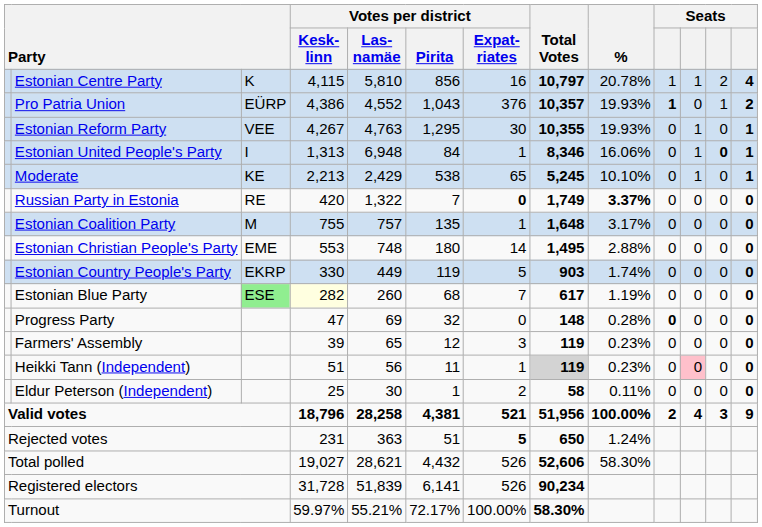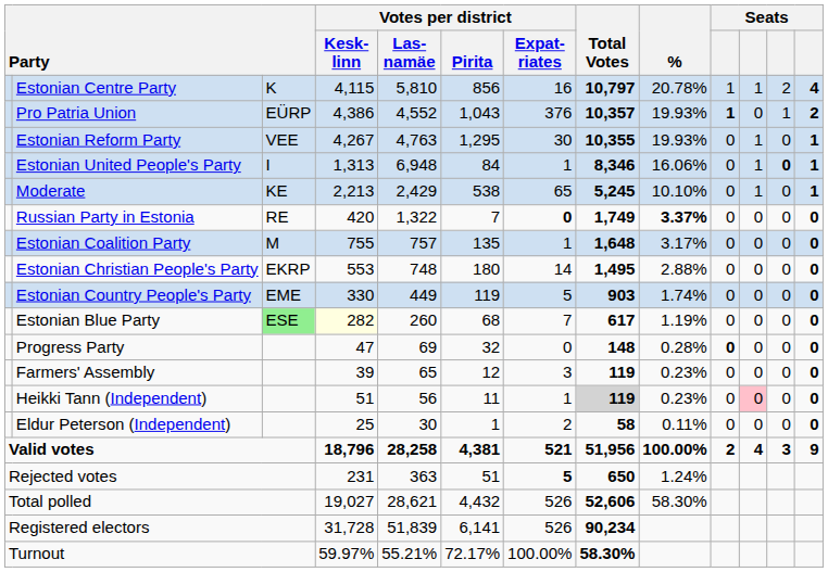 <table class="wikitable" border="1" style="text-align:right;">
 <tr>
 <th style="text-align:left;" valign=bottom rowspan=2 colspan=3>Party</th>
 <th colspan=4>Votes per district</th>
 <th align=center valign=bottom rowspan=2 width="50">Total Votes</th>
 <th align=center valign=bottom rowspan=2 width="50">%</th>
 <th colspan=4>Seats</th>
 </tr>
 <tr>
 <th align=center valign=bottom width="50"><a href='#'>Kesk- linn</a></th>
 <th align=center valign=bottom width="50"><a href='#'>Las- namäe</a></th>
 <th align=center valign=bottom width="50"><a href='#'>Pirita</a></th>
 <th align=center valign=bottom width="50"><a href='#'>Expat- riates</a></th>
 <th align=center valign=bottom width="20"><small></small></th>
 <th align=center valign=bottom width="20"><small></small></th>
 <th align=center valign=bottom width="20"><small></small></th>
 <th align=center valign=bottom width="20"><small></small></th>
 </tr>
 <tr style="background:#CEE0F2;">
 <td style="background:"></td>
 <td align=left><a href='#'>Estonian Centre Party</a></td>
 <td align=left>K</td>
 <td>4,115</td>
 <td>5,810</td>
 <td>856</td>
 <td>16</td>
 <td><strong>10,797</strong></td>
 <td>20.78%</td>
 <td>1</td>
 <td>1</td>
 <td>2</td>
 <td><strong>4</strong></td>
 </tr>
 <tr style="background:#CEE0F2;">
 <td style="background:"></td>
 <td align=left><a href='#'>Pro Patria Union</a></td>
 <td align=left>EÜRP</td>
 <td>4,386</td>
 <td>4,552</td>
 <td>1,043</td>
 <td>376</td>
 <td><strong>10,357</strong></td>
 <td>19.93%</td>
 <td><strong>1</strong></td>
 <td>0</td>
 <td>1</td>
 <td><strong>2</strong></td>
 </tr>
 <tr style="background:#CEE0F2;">
 <td style="background:"></td>
 <td align=left><a href='#'>Estonian Reform Party</a></td>
 <td align=left>VEE</td>
 <td>4,267</td>
 <td>4,763</td>
 <td>1,295</td>
 <td>30</td>
 <td><strong>10,355</strong></td>
 <td>19.93%</td>
 <td>0</td>
 <td>1</td>
 <td>0</td>
 <td><strong>1</strong></td>
 </tr>
 <tr style="background:#CEE0F2;">
 <td style="background:"></td>
 <td align=left><a href='#'>Estonian United People's Party</a></td>
 <td align=left>I</td>
 <td>1,313</td>
 <td>6,948</td>
 <td>84</td>
 <td>1</td>
 <td><strong>8,346</strong></td>
 <td>16.06%</td>
 <td>0</td>
 <td>1</td>
 <td><strong>0</strong></td>
 <td><strong>1</strong></td>
 </tr>
 <tr style="background:#CEE0F2;">
 <td style="background:"></td>
 <td align=left><a href='#'>Moderate</a></td>
 <td align=left>KE</td>
 <td>2,213</td>
 <td>2,429</td>
 <td>538</td>
 <td>65</td>
 <td><strong>5,245</strong></td>
 <td>10.10%</td>
 <td>0</td>
 <td>1</td>
 <td>0</td>
 <td><strong>1</strong></td>
 </tr>
 <tr>
 <td></td>
 <td align=left><a href='#'>Russian Party in Estonia</a></td>
 <td align=left>RE</td>
 <td>420</td>
 <td>1,322</td>
 <td>7</td>
 <td><strong>0</strong></td>
 <td><strong>1,749</strong></td>
 <td><strong>3.37%</strong></td>
 <td>0</td>
 <td>0</td>
 <td>0</td>
 <td><strong>0</strong></td>
 </tr>
 <tr style="background:#CEE0F2;">
 <td style="background:"></td>
 <td align=left><a href='#'>Estonian Coalition Party</a></td>
 <td align=left>M</td>
 <td>755</td>
 <td>757</td>
 <td>135</td>
 <td>1</td>
 <td><strong>1,648</strong></td>
 <td>3.17%</td>
 <td>0</td>
 <td>0</td>
 <td>0</td>
 <td><strong>0</strong></td>
 </tr>
 <tr>
 <td style="background:"></td>
 <td align=left><a href='#'>Estonian Christian People's Party</a></td>
-<td align=left>EME</td>
+<td align=left>EKRP</td>
 <td>553</td>
 <td>748</td>
 <td>180</td>
 <td>14</td>
 <td><strong>1,495</strong></td>
 <td>2.88%</td>
 <td>0</td>
 <td>0</td>
 <td>0</td>
 <td><strong>0</strong></td>
 </tr>
 <tr style="background:#CEE0F2;">
 <td style="background:"></td>
 <td align=left><a href='#'>Estonian Country People's Party</a></td>
-<td align=left>EKRP</td>
+<td align=left>EME</td>
 <td>330</td>
 <td>449</td>
 <td>119</td>
 <td>5</td>
 <td><strong>903</strong></td>
 <td>1.74%</td>
 <td>0</td>
 <td>0</td>
 <td>0</td>
 <td><strong>0</strong></td>
 </tr>
 <tr>
 <td></td>
 <td align=left>Estonian Blue Party</td>
 <td align=left style="background: lightgreen;">ESE</td>
 <td style="background: lightyellow;">282</td>
 <td>260</td>
 <td>68</td>
 <td>7</td>
 <td><strong>617</strong></td>
 <td>1.19%</td>
 <td>0</td>
 <td>0</td>
 <td>0</td>
 <td><strong>0</strong></td>
 </tr>
 <tr>
 <td></td>
 <td align=left>Progress Party</td>
 <td></td>
 <td>47</td>
 <td>69</td>
 <td>32</td>
 <td>0</td>
 <td><strong>148</strong></td>
 <td>0.28%</td>
 <td><strong>0</strong></td>
 <td>0</td>
 <td>0</td>
 <td><strong>0</strong></td>
 </tr>
 <tr>
 <td></td>
 <td align=left>Farmers' Assembly</td>
 <td></td>
 <td>39</td>
 <td>65</td>
 <td>12</td>
 <td>3</td>
 <td><strong>119</strong></td>
 <td>0.23%</td>
 <td>0</td>
 <td>0</td>
 <td>0</td>
 <td><strong>0</strong></td>
 </tr>
 <tr>
 <td style="background:"></td>
 <td align=left>Heikki Tann (<a href='#'>Independent</a>)</td>
 <td></td>
 <td>51</td>
 <td>56</td>
 <td>11</td>
 <td>1</td>
 <td style="background: lightgrey;"><strong>119</strong></td>
 <td>0.23%</td>
 <td>0</td>
 <td style="background: pink;">0</td>
 <td>0</td>
 <td><strong>0</strong></td>
 </tr>
 <tr>
 <td style="background:"></td>
 <td align=left>Eldur Peterson (<a href='#'>Independent</a>)</td>
 <td></td>
 <td>25</td>
 <td>30</td>
 <td>1</td>
 <td>2</td>
 <td><strong>58</strong></td>
 <td>0.11%</td>
 <td>0</td>
 <td>0</td>
 <td>0</td>
 <td><strong>0</strong></td>
 </tr>
 <tr style="font-weight:bold">
 <td align=left colspan=3>Valid votes</td>
 <td>18,796</td>
 <td>28,258</td>
 <td>4,381</td>
 <td>521</td>
 <td>51,956</td>
 <td>100.00%</td>
 <td>2</td>
 <td>4</td>
 <td>3</td>
 <td>9</td>
 </tr>
 <tr>
 <td align=left colspan=3>Rejected votes</td>
 <td>231</td>
 <td>363</td>
 <td>51</td>
 <td><strong>5</strong></td>
 <td><strong>650</strong></td>
 <td>1.24%</td>
 <td></td>
 <td></td>
 <td></td>
 <td></td>
 </tr>
 <tr>
 <td align=left colspan=3>Total polled</td>
 <td>19,027</td>
 <td>28,621</td>
 <td>4,432</td>
 <td>526</td>
 <td><strong>52,606</strong></td>
 <td>58.30%</td>
 <td></td>
 <td></td>
 <td></td>
 <td></td>
 </tr>
 <tr>
 <td align=left colspan=3>Registered electors</td>
 <td>31,728</td>
 <td>51,839</td>
 <td>6,141</td>
 <td>526</td>
 <td><strong>90,234</strong></td>
 <td></td>
 <td></td>
 <td></td>
 <td></td>
 <td></td>
 </tr>
 <tr>
 <td align=left colspan=3>Turnout</td>
 <td>59.97%</td>
 <td>55.21%</td>
 <td>72.17%</td>
 <td>100.00%</td>
 <td><strong>58.30%</strong></td>
 <td></td>
 <td></td>
 <td></td>
 <td></td>
 <td></td>
 </tr>
 </table>
